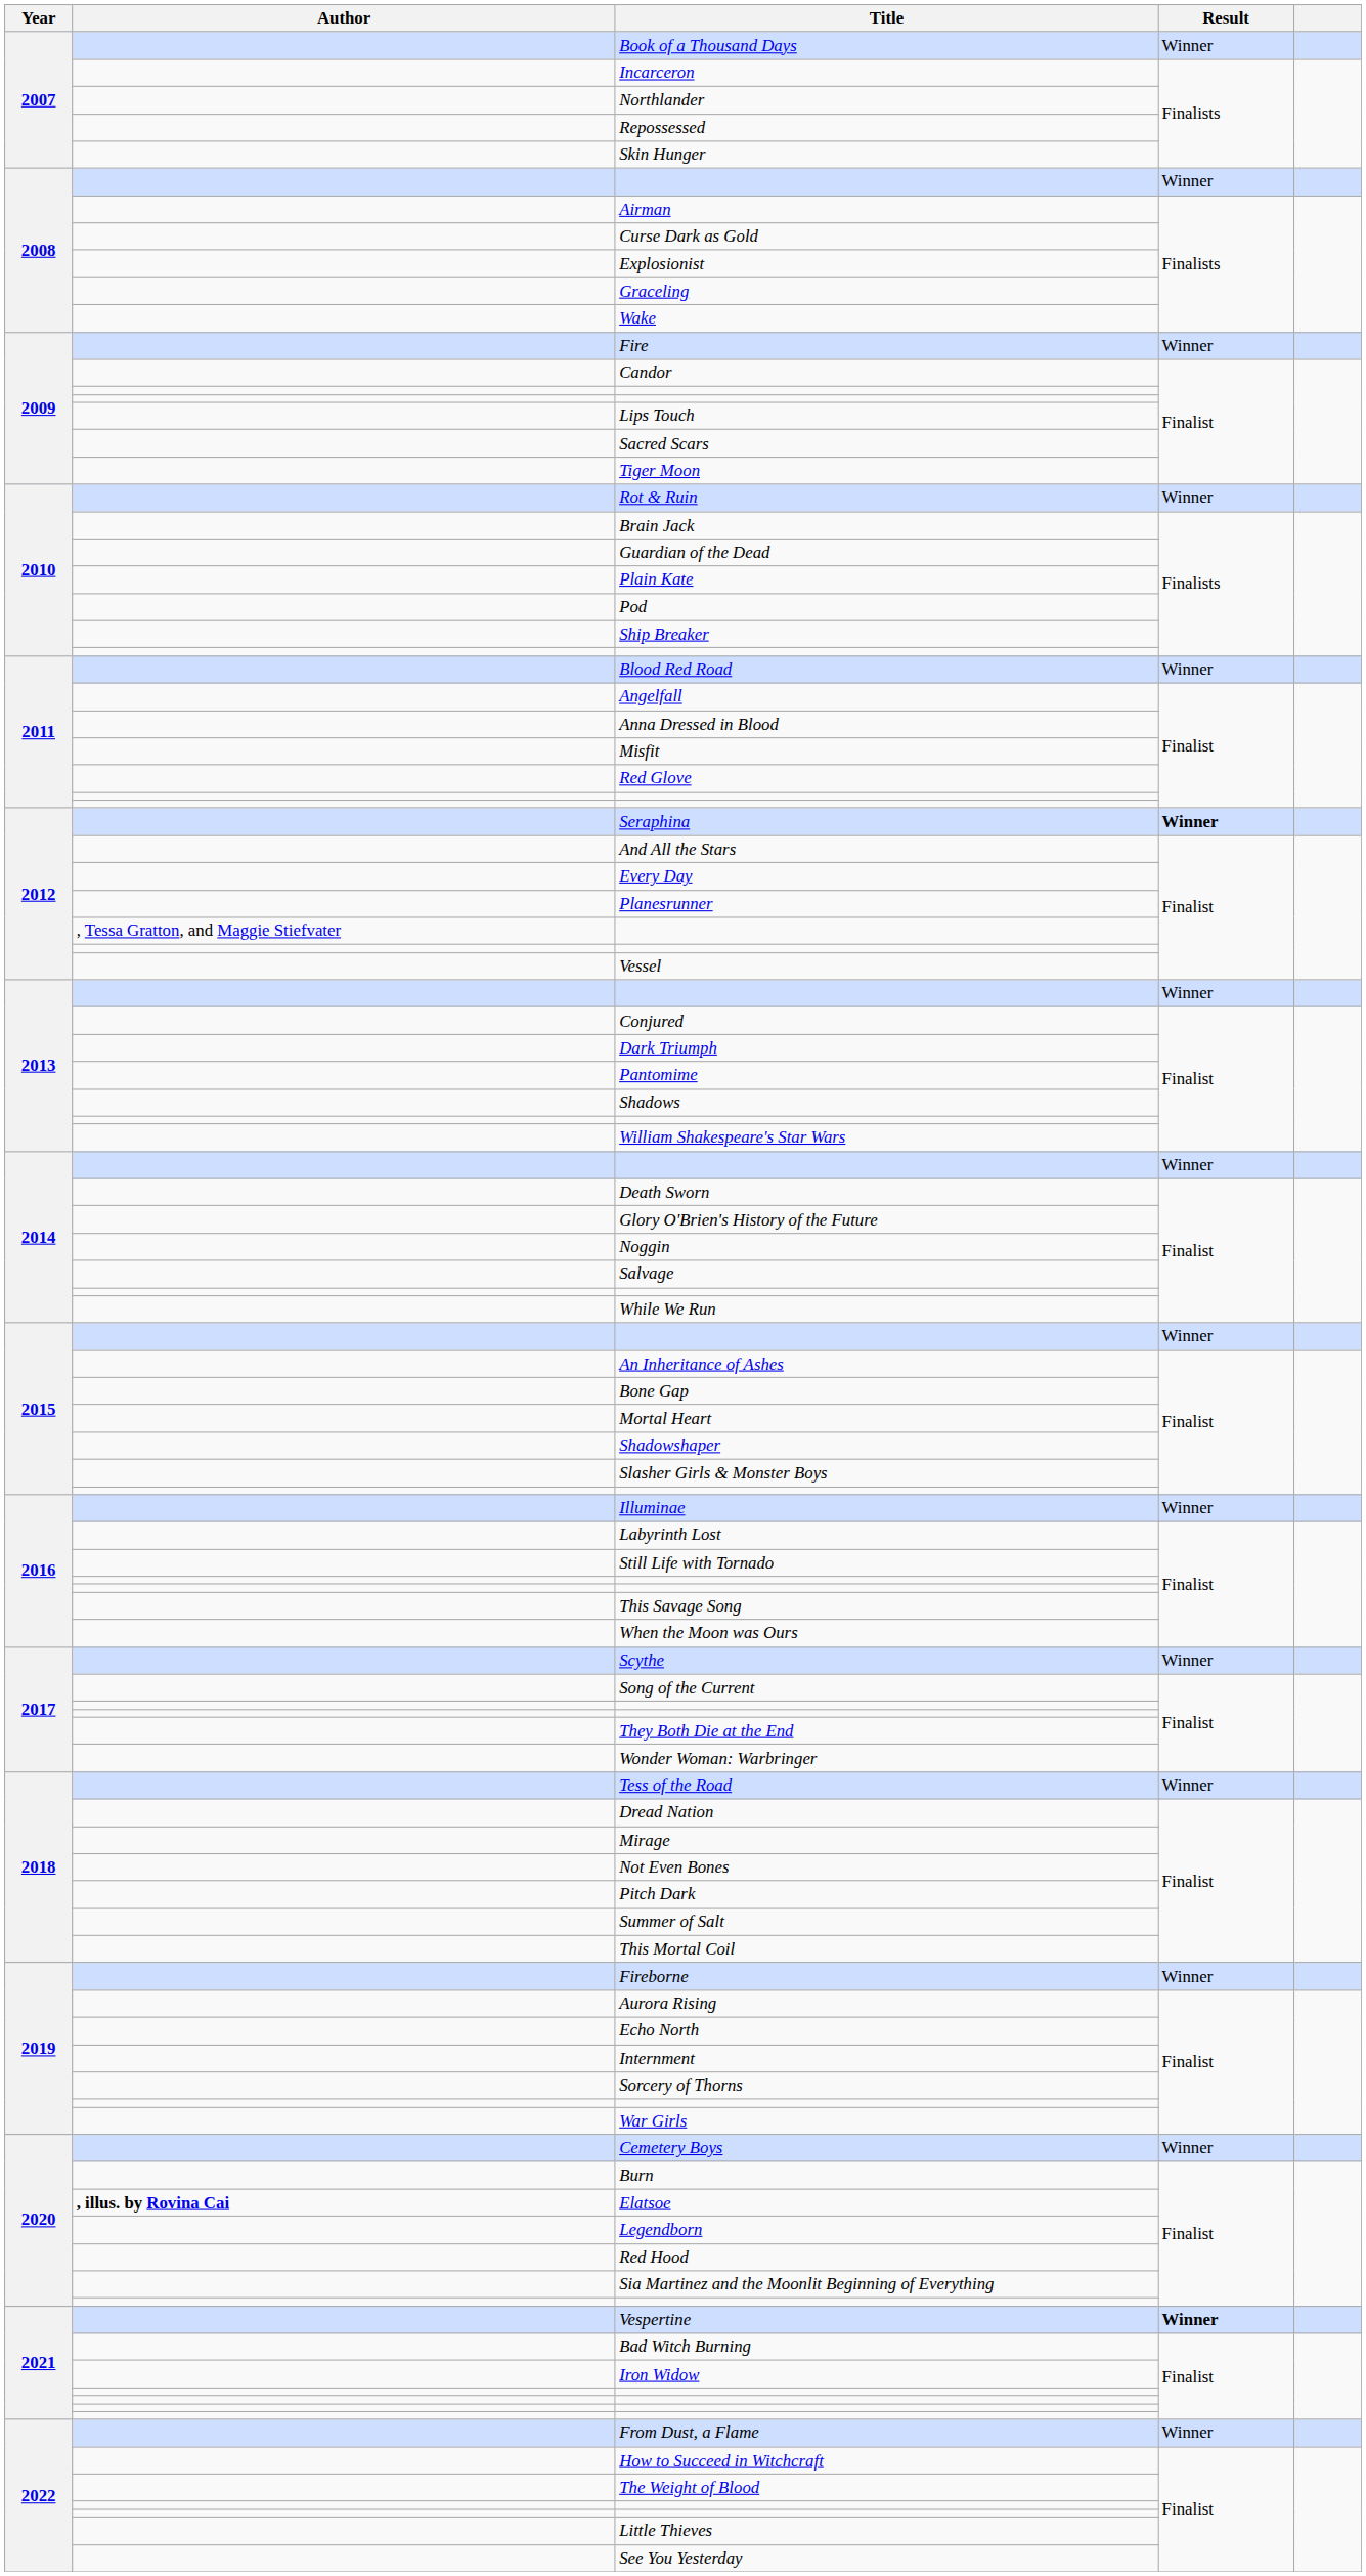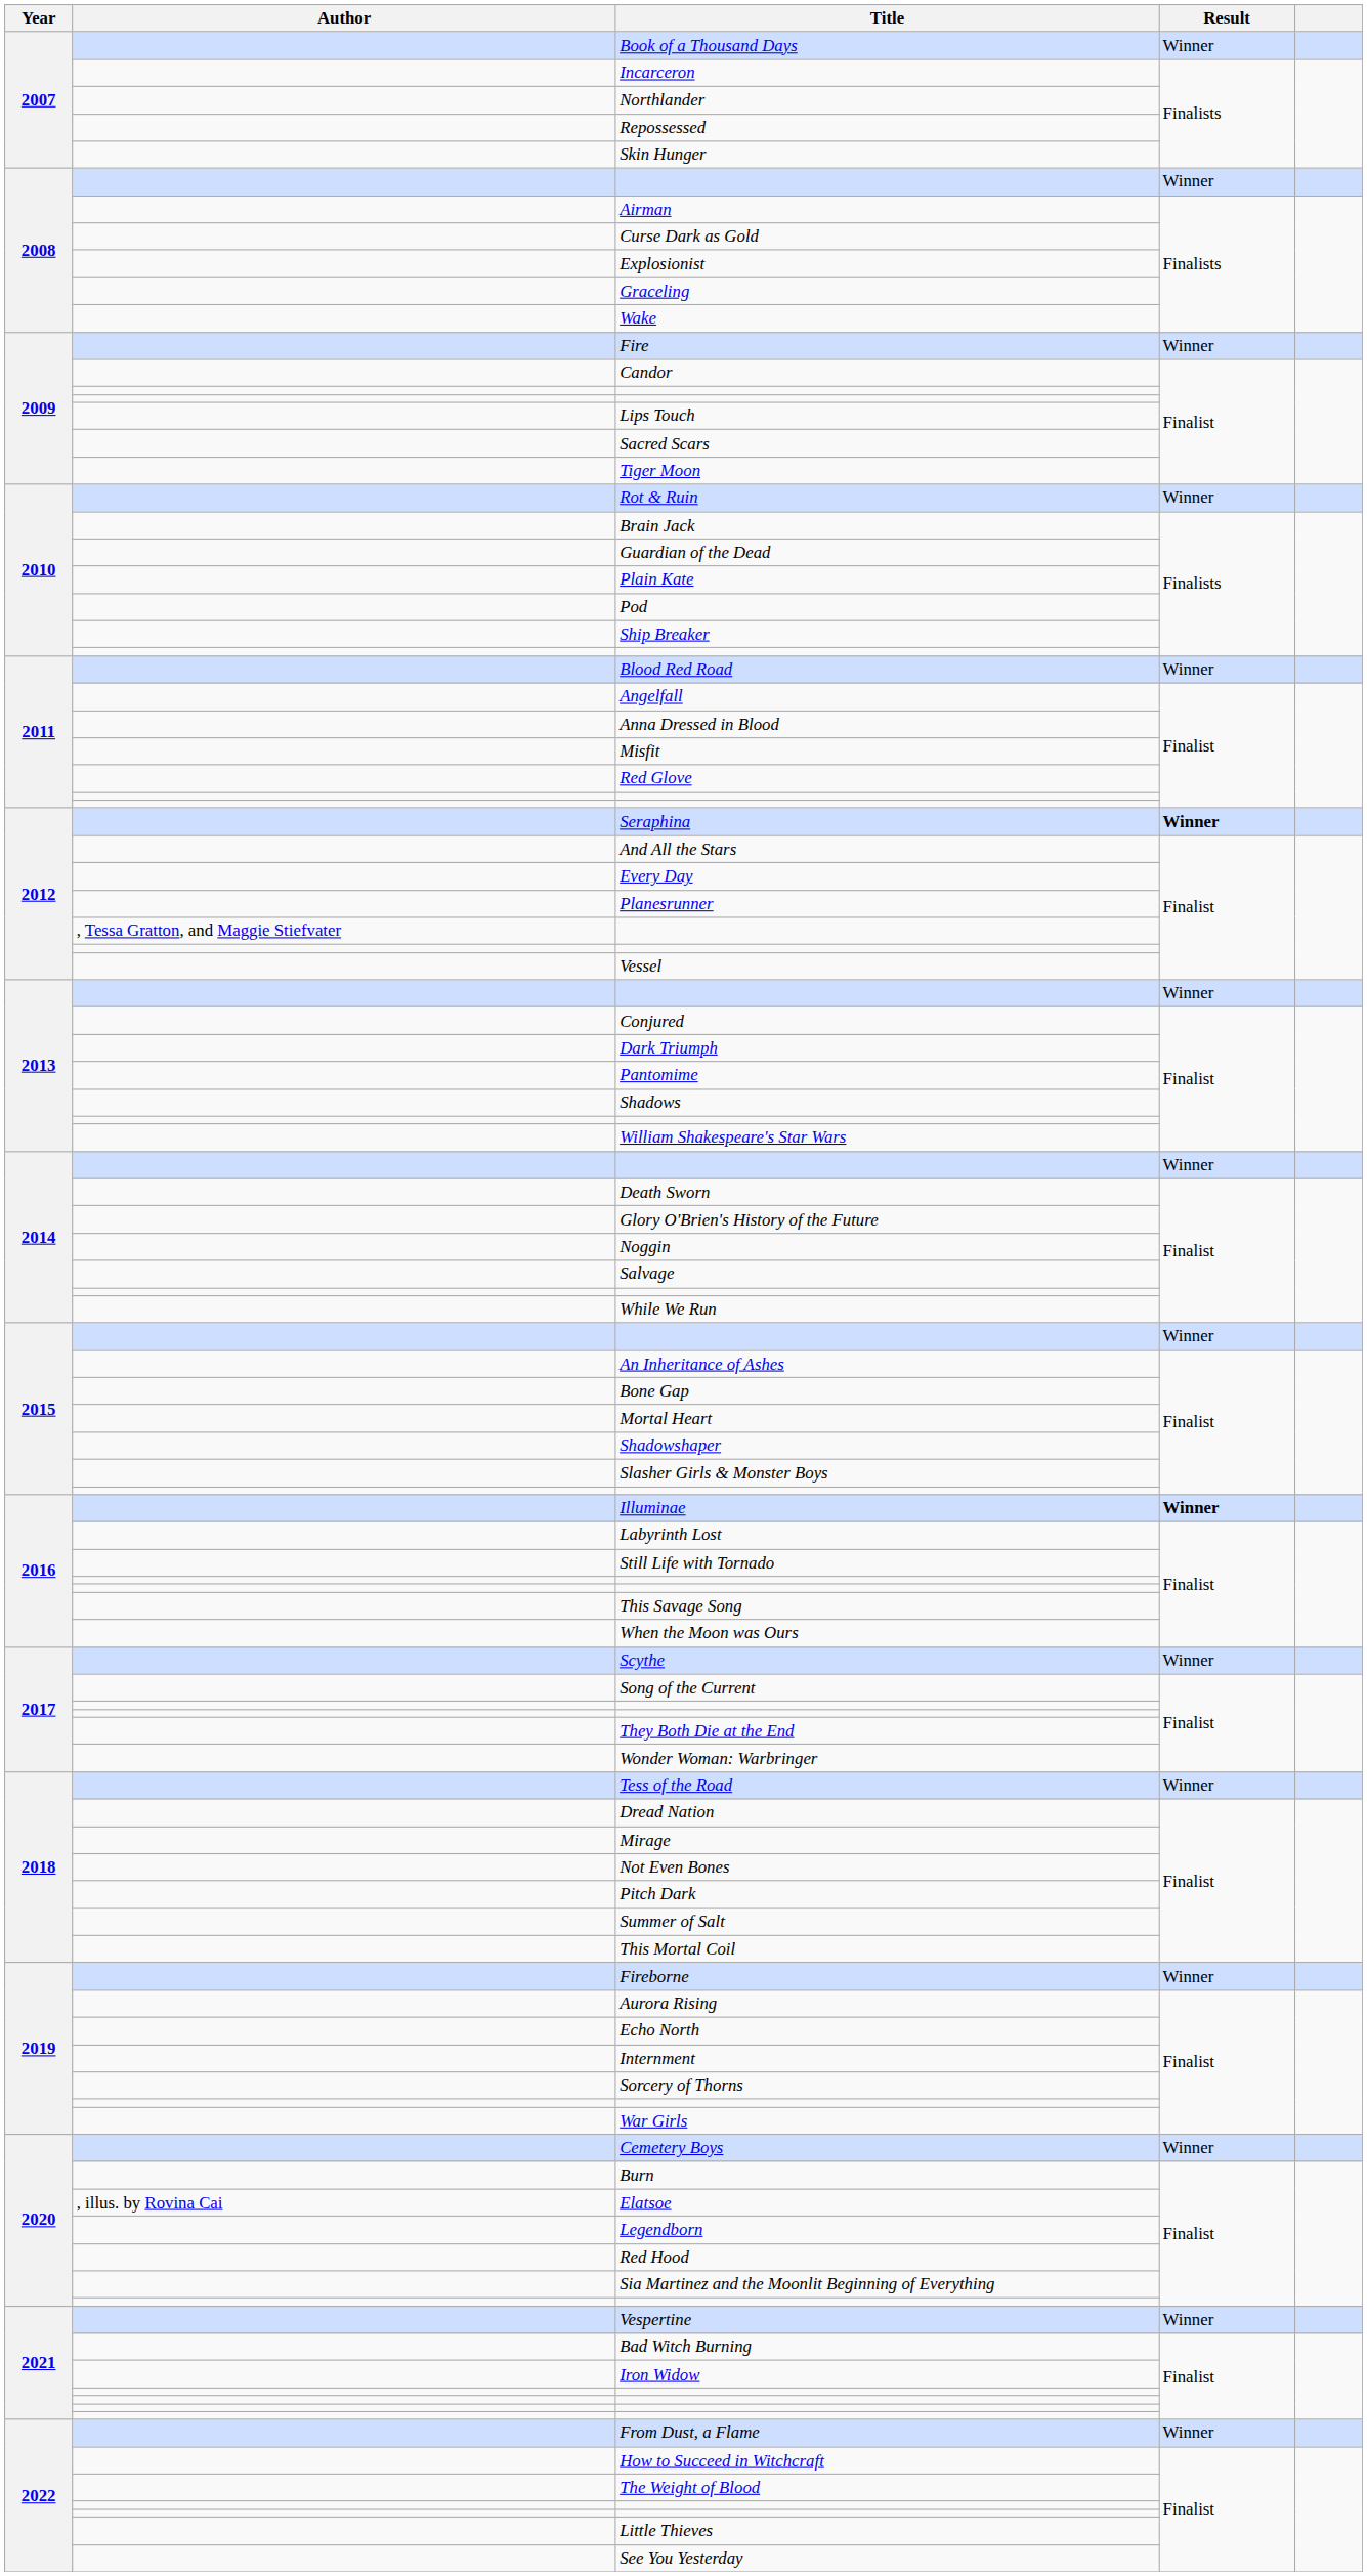 <table class="wikitable sortable mw-collapsible" width="100%">
 <tr>
 <th scope=col width="5%">Year</th>
 <th scope=col width="40%">Author</th>
 <th scope=col width="40%">Title</th>
 <th scope=col width="10%">Result</th>
 <th scope=col width="5%" class="unsortable"></th>
 </tr>
 <tr style="background:#cddeff">
 <th scope=row rowspan="5"><a href='#'>2007</a></th>
 <td></td>
 <td><em><a href='#'>Book of a Thousand Days</a></em></td>
 <td>Winner</td>
 <td></td>
 </tr>
 <tr>
 <td></td>
 <td><em><a href='#'>Incarceron</a></em></td>
 <td rowspan="4">Finalists</td>
 <td rowspan="4"></td>
 </tr>
 <tr>
 <td></td>
 <td><em>Northlander</em></td>
 </tr>
 <tr>
 <td></td>
 <td><em>Repossessed</em></td>
 </tr>
 <tr>
 <td></td>
 <td><em>Skin Hunger</em></td>
 </tr>
 <tr style="background:#cddeff">
 <th scope=row rowspan="6"><a href='#'>2008</a></th>
 <td></td>
 <td><em></em></td>
 <td>Winner</td>
 <td></td>
 </tr>
 <tr>
 <td></td>
 <td><em><a href='#'>Airman</a></em></td>
 <td rowspan="5">Finalists</td>
 <td rowspan="5"></td>
 </tr>
 <tr>
 <td></td>
 <td><em>Curse Dark as Gold</em></td>
 </tr>
 <tr>
 <td></td>
 <td><em>Explosionist</em></td>
 </tr>
 <tr>
 <td></td>
 <td><em><a href='#'>Graceling</a></em></td>
 </tr>
 <tr>
 <td></td>
 <td><em><a href='#'>Wake</a></em></td>
 </tr>
 <tr style="background:#cddeff">
 <th scope=row rowspan="7"><a href='#'>2009</a></th>
 <td></td>
 <td><em>Fire</em></td>
 <td>Winner</td>
 <td></td>
 </tr>
 <tr>
 <td></td>
 <td><em>Candor</em></td>
 <td rowspan="6">Finalist</td>
 <td rowspan="6"></td>
 </tr>
 <tr>
 <td></td>
 <td></td>
 </tr>
 <tr>
 <td></td>
 <td></td>
 </tr>
 <tr>
 <td></td>
 <td><em>Lips Touch</em></td>
 </tr>
 <tr>
 <td></td>
 <td><em>Sacred Scars</em></td>
 </tr>
 <tr>
 <td></td>
 <td><em><a href='#'>Tiger Moon</a></em></td>
 </tr>
 <tr style="background:#cddeff">
 <th scope=row rowspan="7"><a href='#'>2010</a></th>
 <td></td>
 <td><em><a href='#'>Rot & Ruin</a></em></td>
 <td>Winner</td>
 <td></td>
 </tr>
 <tr>
 <td></td>
 <td><em>Brain Jack</em></td>
 <td rowspan="6">Finalists</td>
 <td rowspan="6"></td>
 </tr>
 <tr>
 <td></td>
 <td><em>Guardian of the Dead</em></td>
 </tr>
 <tr>
 <td></td>
 <td><em><a href='#'>Plain Kate</a></em></td>
 </tr>
 <tr>
 <td></td>
 <td><em>Pod</em></td>
 </tr>
 <tr>
 <td></td>
 <td><em><a href='#'>Ship Breaker</a></em></td>
 </tr>
 <tr>
 <td></td>
 <td></td>
 </tr>
 <tr style="background:#cddeff">
 <th scope=row rowspan="7"><a href='#'>2011</a></th>
 <td></td>
 <td><em><a href='#'>Blood Red Road</a></em></td>
 <td>Winner</td>
 <td></td>
 </tr>
 <tr>
 <td></td>
 <td><em><a href='#'>Angelfall</a></em></td>
 <td rowspan="6">Finalist</td>
 <td rowspan="6"></td>
 </tr>
 <tr>
 <td></td>
 <td><em>Anna Dressed in Blood</em></td>
 </tr>
 <tr>
 <td></td>
 <td><em>Misfit</em></td>
 </tr>
 <tr>
 <td></td>
 <td><em><a href='#'>Red Glove</a></em></td>
 </tr>
 <tr>
 <td></td>
 <td></td>
 </tr>
 <tr>
 <td></td>
 <td></td>
 </tr>
 <tr style="background:#cddeff">
 <th scope=row rowspan="7"><a href='#'>2012</a></th>
 <td></td>
 <td><em><a href='#'>Seraphina</a></em></td>
 <td><strong>Winner</strong></td>
 <td></td>
 </tr>
 <tr>
 <td></td>
 <td><em>And All the Stars</em></td>
 <td rowspan="6">Finalist</td>
 <td rowspan="6"></td>
 </tr>
 <tr>
 <td></td>
 <td><em><a href='#'>Every Day</a></em></td>
 </tr>
 <tr>
 <td></td>
 <td><em><a href='#'>Planesrunner</a></em></td>
 </tr>
 <tr>
 <td>, <a href='#'>Tessa Gratton</a>, and <a href='#'>Maggie Stiefvater</a></td>
 <td></td>
 </tr>
 <tr>
 <td></td>
 <td></td>
 </tr>
 <tr>
 <td></td>
 <td><em>Vessel</em></td>
 </tr>
 <tr style="background:#cddeff">
 <th scope=row rowspan="7"><a href='#'>2013</a></th>
 <td></td>
 <td><em></em></td>
 <td>Winner</td>
 <td></td>
 </tr>
 <tr>
 <td></td>
 <td><em>Conjured</em></td>
 <td rowspan="6">Finalist</td>
 <td rowspan="6"></td>
 </tr>
 <tr>
 <td></td>
 <td><em><a href='#'>Dark Triumph</a></em></td>
 </tr>
 <tr>
 <td></td>
 <td><em><a href='#'>Pantomime</a></em></td>
 </tr>
 <tr>
 <td></td>
 <td><em>Shadows</em></td>
 </tr>
 <tr>
 <td></td>
 <td><em></em></td>
 </tr>
 <tr>
 <td></td>
 <td><em><a href='#'>William Shakespeare's Star Wars</a></em></td>
 </tr>
 <tr style="background:#cddeff">
 <th scope=row rowspan="7"><a href='#'>2014</a></th>
 <td></td>
 <td><em></em></td>
 <td>Winner</td>
 <td></td>
 </tr>
 <tr>
 <td></td>
 <td><em>Death Sworn</em></td>
 <td rowspan="6">Finalist</td>
 <td rowspan="6"></td>
 </tr>
 <tr>
 <td></td>
 <td><em>Glory O'Brien's History of the Future</em></td>
 </tr>
 <tr>
 <td></td>
 <td><em>Noggin</em></td>
 </tr>
 <tr>
 <td></td>
 <td><em>Salvage</em></td>
 </tr>
 <tr>
 <td></td>
 <td><em></em></td>
 </tr>
 <tr>
 <td></td>
 <td><em>While We Run</em></td>
 </tr>
 <tr style="background:#cddeff">
 <th scope=row rowspan="7"><a href='#'>2015</a></th>
 <td></td>
 <td><em></em></td>
 <td>Winner</td>
 <td></td>
 </tr>
 <tr>
 <td></td>
 <td><em><a href='#'>An Inheritance of Ashes</a></em></td>
 <td rowspan="6">Finalist</td>
 <td rowspan="6"></td>
 </tr>
 <tr>
 <td></td>
 <td><em>Bone Gap</em></td>
 </tr>
 <tr>
 <td></td>
 <td><em>Mortal Heart</em></td>
 </tr>
 <tr>
 <td></td>
 <td><em><a href='#'>Shadowshaper</a></em></td>
 </tr>
 <tr>
 <td></td>
 <td><em>Slasher Girls & Monster Boys</em></td>
 </tr>
 <tr>
 <td></td>
 <td><em></em></td>
 </tr>
 <tr style="background:#cddeff">
 <th scope=row rowspan="7"><a href='#'>2016</a></th>
 <td></td>
 <td><em><a href='#'>Illuminae</a></em></td>
-<td>Winner</td>
+<td><strong>Winner</strong></td>
 <td></td>
 </tr>
 <tr>
 <td></td>
 <td><em>Labyrinth Lost</em></td>
 <td rowspan="6">Finalist</td>
 <td rowspan="6"></td>
 </tr>
 <tr>
 <td></td>
 <td><em>Still Life with Tornado</em></td>
 </tr>
 <tr>
 <td></td>
 <td></td>
 </tr>
 <tr>
 <td></td>
 <td></td>
 </tr>
 <tr>
 <td></td>
 <td><em>This Savage Song</em></td>
 </tr>
 <tr>
 <td></td>
 <td><em>When the Moon was Ours</em></td>
 </tr>
 <tr style="background:#cddeff">
 <th scope=row rowspan="6"><a href='#'>2017</a></th>
 <td></td>
 <td><em><a href='#'>Scythe</a></em></td>
 <td>Winner</td>
 <td></td>
 </tr>
 <tr>
 <td></td>
 <td><em>Song of the Current</em></td>
 <td rowspan="5">Finalist</td>
 <td rowspan="5"></td>
 </tr>
 <tr>
 <td></td>
 <td></td>
 </tr>
 <tr>
 <td></td>
 <td></td>
 </tr>
 <tr>
 <td></td>
 <td><em><a href='#'>They Both Die at the End</a></em></td>
 </tr>
 <tr>
 <td></td>
 <td><em>Wonder Woman: Warbringer</em></td>
 </tr>
 <tr style="background:#cddeff">
 <th scope=row rowspan="7"><a href='#'>2018</a></th>
 <td></td>
 <td><em><a href='#'>Tess of the Road</a></em></td>
 <td>Winner</td>
 <td></td>
 </tr>
 <tr>
 <td></td>
 <td><em>Dread Nation</em></td>
 <td rowspan="6">Finalist</td>
 <td rowspan="6"></td>
 </tr>
 <tr>
 <td></td>
 <td><em>Mirage</em></td>
 </tr>
 <tr>
 <td></td>
 <td><em>Not Even Bones</em></td>
 </tr>
 <tr>
 <td></td>
 <td><em>Pitch Dark</em></td>
 </tr>
 <tr>
 <td></td>
 <td><em>Summer of Salt</em></td>
 </tr>
 <tr>
 <td></td>
 <td><em>This Mortal Coil</em></td>
 </tr>
 <tr style="background:#cddeff">
 <th scope=row rowspan="7"><a href='#'>2019</a></th>
 <td></td>
 <td><em>Fireborne</em></td>
 <td>Winner</td>
 <td></td>
 </tr>
 <tr>
 <td></td>
 <td><em>Aurora Rising</em></td>
 <td rowspan="6">Finalist</td>
 <td rowspan="6"></td>
 </tr>
 <tr>
 <td></td>
 <td><em>Echo North</em></td>
 </tr>
 <tr>
 <td></td>
 <td><em>Internment</em></td>
 </tr>
 <tr>
 <td></td>
 <td><em>Sorcery of Thorns</em></td>
 </tr>
 <tr>
 <td></td>
 <td></td>
 </tr>
 <tr>
 <td></td>
 <td><em><a href='#'>War Girls</a></em></td>
 </tr>
 <tr style="background:#cddeff">
 <th scope=row rowspan="7"><a href='#'>2020</a></th>
 <td></td>
 <td><em><a href='#'>Cemetery Boys</a></em></td>
 <td>Winner</td>
 <td></td>
 </tr>
 <tr>
 <td></td>
 <td><em>Burn</em></td>
 <td rowspan="6">Finalist</td>
 <td rowspan="6"></td>
 </tr>
 <tr>
-<td><strong>, illus. by <a href='#'>Rovina Cai</a></strong></td>
+<td>, illus. by <a href='#'>Rovina Cai</a></td>
 <td><em><a href='#'>Elatsoe</a></em></td>
 </tr>
 <tr>
 <td></td>
 <td><em><a href='#'>Legendborn</a></em></td>
 </tr>
 <tr>
 <td></td>
 <td><em>Red Hood</em></td>
 </tr>
 <tr>
 <td></td>
 <td><em>Sia Martinez and the Moonlit Beginning of Everything</em></td>
 </tr>
 <tr>
 <td></td>
 <td></td>
 </tr>
 <tr style="background:#cddeff">
 <th scope=row rowspan="7"><a href='#'>2021</a></th>
 <td></td>
 <td><em>Vespertine</em></td>
-<td><strong>Winner</strong></td>
+<td>Winner</td>
 <td></td>
 </tr>
 <tr>
 <td></td>
 <td><em>Bad Witch Burning</em></td>
 <td rowspan="6">Finalist</td>
 <td rowspan="6"></td>
 </tr>
 <tr>
 <td></td>
 <td><em><a href='#'>Iron Widow</a></em></td>
 </tr>
 <tr>
 <td></td>
 <td></td>
 </tr>
 <tr>
 <td></td>
 <td></td>
 </tr>
 <tr>
 <td></td>
 <td></td>
 </tr>
 <tr>
 <td></td>
 <td></td>
 </tr>
 <tr style="background:#cddeff">
 <th scope=row rowspan="7"><a href='#'>2022</a></th>
 <td></td>
 <td><em>From Dust, a Flame</em></td>
 <td>Winner</td>
 <td></td>
 </tr>
 <tr>
 <td></td>
 <td><em><a href='#'>How to Succeed in Witchcraft</a></em></td>
 <td rowspan="6">Finalist</td>
 <td rowspan="6"></td>
 </tr>
 <tr>
 <td></td>
 <td><em><a href='#'>The Weight of Blood</a></em></td>
 </tr>
 <tr>
 <td></td>
 <td></td>
 </tr>
 <tr>
 <td></td>
 <td></td>
 </tr>
 <tr>
 <td></td>
 <td><em>Little Thieves</em></td>
 </tr>
 <tr>
 <td></td>
 <td><em>See You Yesterday</em></td>
 </tr>
 </table>
